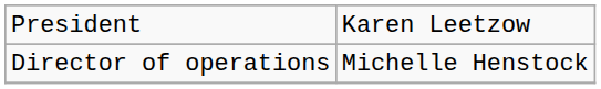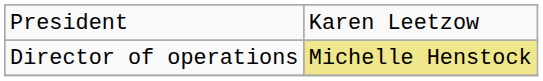 <table class="wikitable">
 <tr>
 <td>President</td>
 <td>Karen Leetzow</td>
 </tr>
 <tr>
 <td>Director of operations</td>
-<td>Michelle Henstock</td>
+<td style="background: khaki;">Michelle Henstock</td>
 </tr>
 <tr>
 </tr>
 </table>
